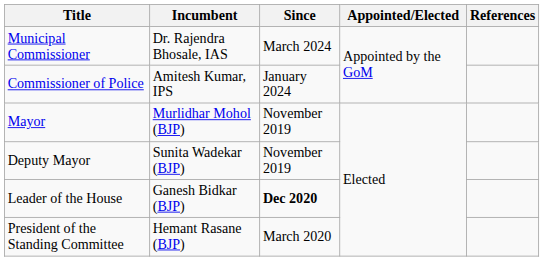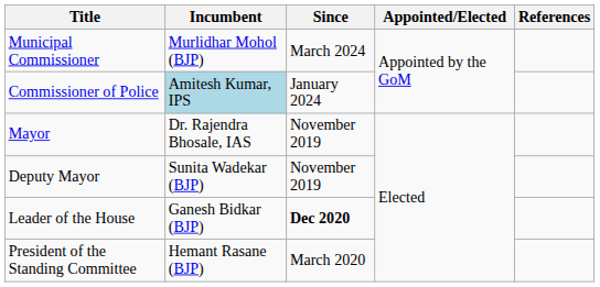 <table class="wikitable">
 <tr>
 <th>Title</th>
 <th>Incumbent</th>
 <th>Since</th>
 <th>Appointed/Elected</th>
 <th>References</th>
 </tr>
 <tr>
 <td><a href='#'>Municipal Commissioner</a></td>
-<td>Dr. Rajendra Bhosale, IAS</td>
+<td><a href='#'>Murlidhar Mohol</a> (<a href='#'>BJP</a>)</td>
 <td>March 2024</td>
 <td rowspan="2">Appointed by the <a href='#'>GoM</a></td>
 <td></td>
 </tr>
 <tr>
 <td><a href='#'>Commissioner of Police</a></td>
-<td>Amitesh Kumar, IPS</td>
+<td style="background: lightblue;">Amitesh Kumar, IPS</td>
 <td>January 2024</td>
 <td></td>
 </tr>
 <tr>
 <td><a href='#'>Mayor</a></td>
-<td><a href='#'>Murlidhar Mohol</a> (<a href='#'>BJP</a>)</td>
+<td>Dr. Rajendra Bhosale, IAS</td>
 <td>November 2019</td>
 <td rowspan="4">Elected</td>
 <td></td>
 </tr>
 <tr>
 <td>Deputy Mayor</td>
 <td>Sunita Wadekar (<a href='#'>BJP</a>)</td>
 <td>November 2019</td>
 <td></td>
 </tr>
 <tr>
 <td>Leader of the House</td>
 <td>Ganesh Bidkar (<a href='#'>BJP</a>)</td>
 <td><strong>Dec 2020</strong></td>
 <td></td>
 </tr>
 <tr>
 <td>President of the Standing Committee</td>
 <td>Hemant Rasane (<a href='#'>BJP</a>)</td>
 <td>March 2020</td>
 <td></td>
 </tr>
 </table>
